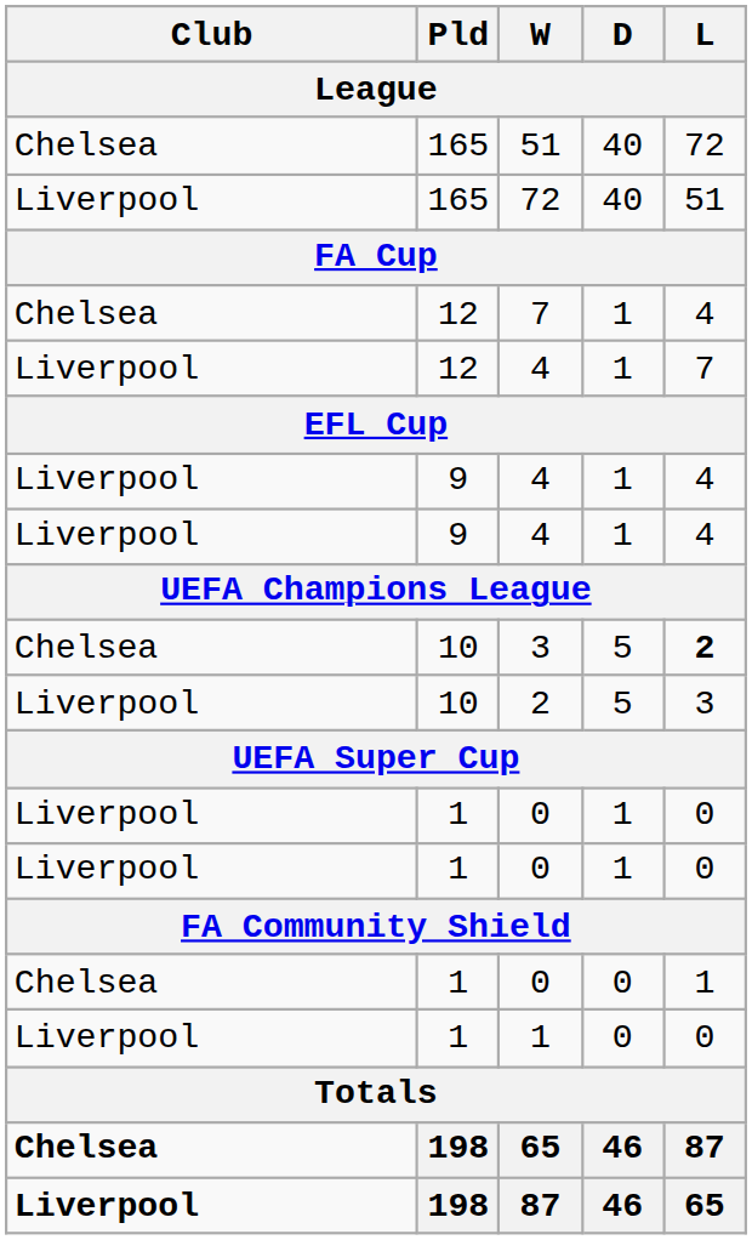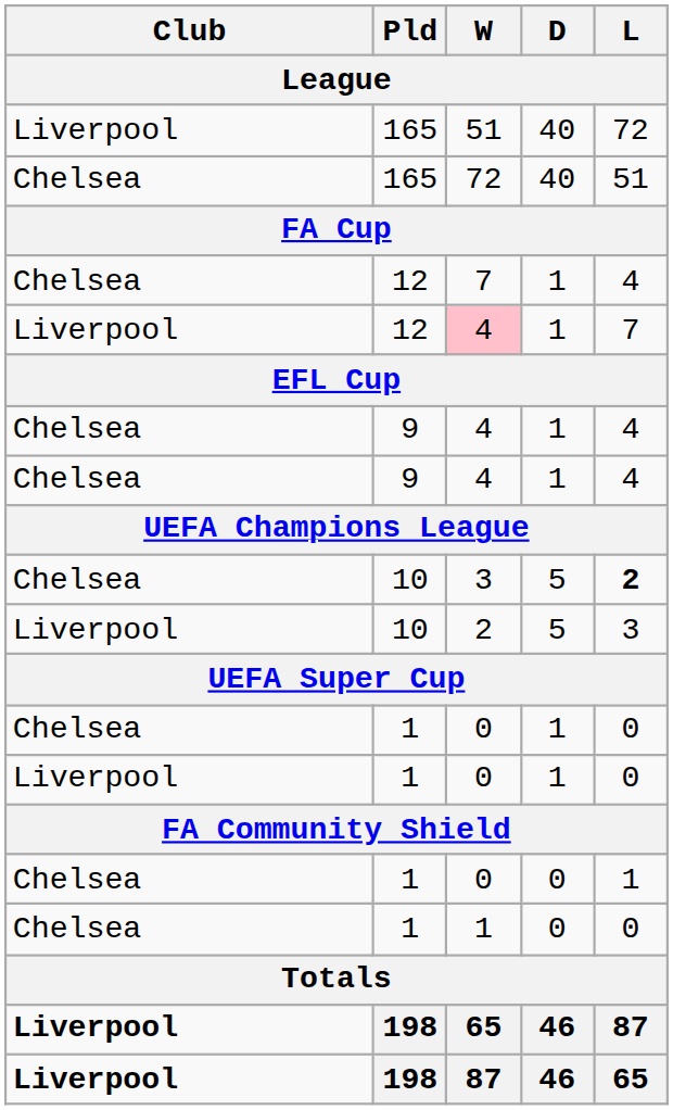 <table class="wikitable">
 <tr>
 <th style="width:150px;">Club</th>
 <th style="width:25px;">Pld</th>
 <th style="width:25px;">W</th>
 <th style="width:25px;">D</th>
 <th style="width:25px;">L</th>
 </tr>
 <tr>
 <th colspan="5">League</th>
 </tr>
 <tr>
-<td>Chelsea</td>
+<td>Liverpool</td>
 <td style="text-align:center;">165</td>
 <td style="text-align:center;">51</td>
 <td style="text-align:center;">40</td>
 <td style="text-align:center;">72</td>
 </tr>
 <tr>
-<td>Liverpool</td>
+<td>Chelsea</td>
 <td style="text-align:center;">165</td>
 <td style="text-align:center;">72</td>
 <td style="text-align:center;">40</td>
 <td style="text-align:center;">51</td>
 </tr>
 <tr>
 <th colspan="5"><a href='#'>FA Cup</a></th>
 </tr>
 <tr>
 <td>Chelsea</td>
 <td style="text-align:center;">12</td>
 <td style="text-align:center;">7</td>
 <td style="text-align:center;">1</td>
 <td style="text-align:center;">4</td>
 </tr>
 <tr>
 <td>Liverpool</td>
 <td style="text-align:center;">12</td>
-<td style="text-align:center;">4</td>
+<td style="background: pink; text-align:center;">4</td>
 <td style="text-align:center;">1</td>
 <td style="text-align:center;">7</td>
 </tr>
 <tr>
 <th colspan="5"><a href='#'>EFL Cup</a></th>
 </tr>
 <tr>
-<td>Liverpool</td>
+<td>Chelsea</td>
 <td style="text-align:center;">9</td>
 <td style="text-align:center;">4</td>
 <td style="text-align:center;">1</td>
 <td style="text-align:center;">4</td>
 </tr>
 <tr>
-<td>Liverpool</td>
+<td>Chelsea</td>
 <td style="text-align:center;">9</td>
 <td style="text-align:center;">4</td>
 <td style="text-align:center;">1</td>
 <td style="text-align:center;">4</td>
 </tr>
 <tr>
 <th colspan="5"><a href='#'>UEFA Champions League</a></th>
 </tr>
 <tr>
 <td>Chelsea</td>
 <td style="text-align:center;">10</td>
 <td style="text-align:center;">3</td>
 <td style="text-align:center;">5</td>
 <td style="text-align:center;"><strong>2</strong></td>
 </tr>
 <tr>
 <td>Liverpool</td>
 <td style="text-align:center;">10</td>
 <td style="text-align:center;">2</td>
 <td style="text-align:center;">5</td>
 <td style="text-align:center;">3</td>
 </tr>
 <tr>
 <th colspan="5"><a href='#'>UEFA Super Cup</a></th>
 </tr>
 <tr>
-<td>Liverpool</td>
+<td>Chelsea</td>
 <td style="text-align:center;">1</td>
 <td style="text-align:center;">0</td>
 <td style="text-align:center;">1</td>
 <td style="text-align:center;">0</td>
 </tr>
 <tr>
 <td>Liverpool</td>
 <td style="text-align:center;">1</td>
 <td style="text-align:center;">0</td>
 <td style="text-align:center;">1</td>
 <td style="text-align:center;">0</td>
 </tr>
 <tr>
 <th colspan="5"><a href='#'>FA Community Shield</a></th>
 </tr>
 <tr>
 <td>Chelsea</td>
 <td style="text-align:center;">1</td>
 <td style="text-align:center;">0</td>
 <td style="text-align:center;">0</td>
 <td style="text-align:center;">1</td>
 </tr>
 <tr>
-<td>Liverpool</td>
+<td>Chelsea</td>
 <td style="text-align:center;">1</td>
 <td style="text-align:center;">1</td>
 <td style="text-align:center;">0</td>
 <td style="text-align:center;">0</td>
 </tr>
 <tr>
 <th colspan="5">Totals</th>
 </tr>
 <tr>
-<td><strong>Chelsea</strong></td>
+<td><strong>Liverpool</strong></td>
 <th>198</th>
 <th>65</th>
 <th>46</th>
 <th>87</th>
 </tr>
 <tr>
 <td><strong>Liverpool</strong></td>
 <th>198</th>
 <th>87</th>
 <th>46</th>
 <th>65</th>
 </tr>
 </table>
